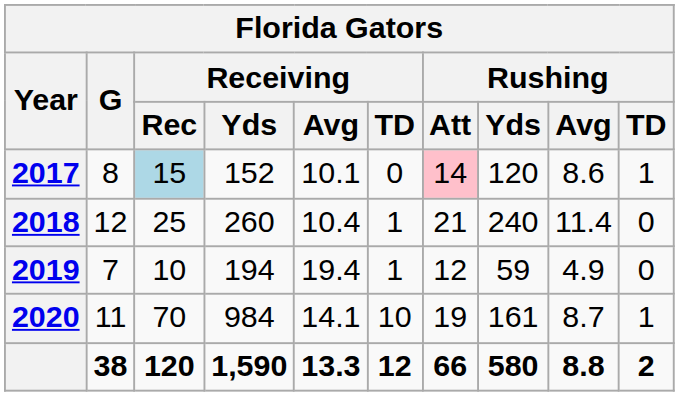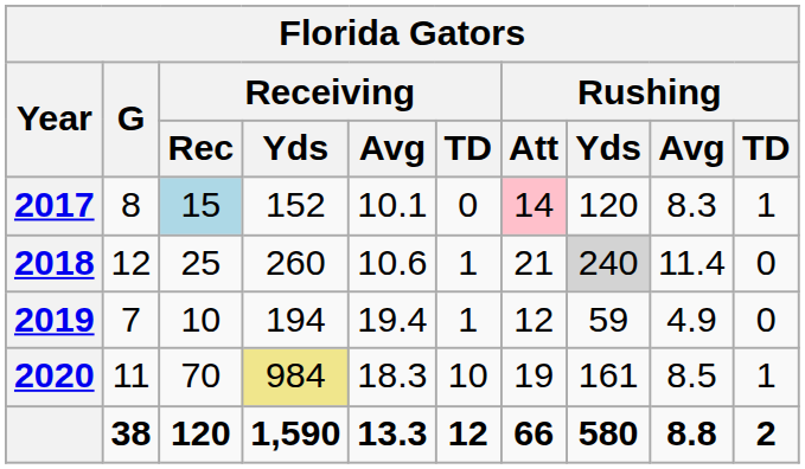 <table class="wikitable" style="text-align:center;">
 <tr>
 <th colspan="10">Florida Gators</th>
 </tr>
 <tr>
 <th rowspan="2">Year</th>
 <th rowspan="2">G</th>
 <th colspan="4">Receiving</th>
 <th colspan="4">Rushing</th>
 </tr>
 <tr>
 <th>Rec</th>
 <th>Yds</th>
 <th>Avg</th>
 <th>TD</th>
 <th>Att</th>
 <th>Yds</th>
 <th>Avg</th>
 <th>TD</th>
 </tr>
 <tr>
 <th><a href='#'>2017</a></th>
 <td>8</td>
 <td style="background: lightblue;">15</td>
 <td>152</td>
 <td>10.1</td>
 <td>0</td>
 <td style="background: pink;">14</td>
 <td>120</td>
-<td>8.6</td>
+<td>8.3</td>
 <td>1</td>
 </tr>
 <tr>
 <th><a href='#'>2018</a></th>
 <td>12</td>
 <td>25</td>
 <td>260</td>
-<td>10.4</td>
+<td>10.6</td>
 <td>1</td>
 <td>21</td>
-<td>240</td>
+<td style="background: lightgrey;">240</td>
 <td>11.4</td>
 <td>0</td>
 </tr>
 <tr>
 <th><a href='#'>2019</a></th>
 <td>7</td>
 <td>10</td>
 <td>194</td>
 <td>19.4</td>
 <td>1</td>
 <td>12</td>
 <td>59</td>
 <td>4.9</td>
 <td>0</td>
 </tr>
 <tr>
 <th><a href='#'>2020</a></th>
 <td>11</td>
 <td>70</td>
-<td>984</td>
-<td>14.1</td>
+<td style="background: khaki;">984</td>
+<td>18.3</td>
 <td>10</td>
 <td>19</td>
 <td>161</td>
-<td>8.7</td>
+<td>8.5</td>
 <td>1</td>
 </tr>
 <tr>
 <th></th>
 <td><strong>38</strong></td>
 <td><strong>120</strong></td>
 <td><strong>1,590</strong></td>
 <td><strong>13.3</strong></td>
 <td><strong>12</strong></td>
 <td><strong>66</strong></td>
 <td><strong>580</strong></td>
 <td><strong>8.8</strong></td>
 <td><strong>2</strong></td>
 </tr>
 </table>
